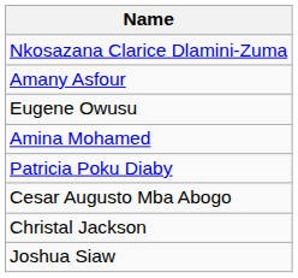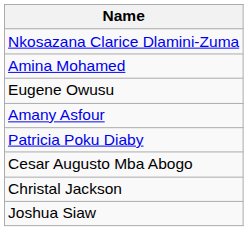 <table class="wikitable">
 <tr>
 <th>Name</th>
 </tr>
 <tr>
 <td><a href='#'>Nkosazana Clarice Dlamini-Zuma</a></td>
 </tr>
 <tr>
-<td><a href='#'>Amany Asfour</a></td>
+<td><a href='#'>Amina Mohamed</a></td>
 </tr>
 <tr>
 <td>Eugene Owusu </td>
 </tr>
 <tr>
-<td><a href='#'>Amina Mohamed</a></td>
+<td><a href='#'>Amany Asfour</a></td>
 </tr>
 <tr>
 <td><a href='#'>Patricia Poku Diaby</a></td>
 </tr>
 <tr>
 <td>Cesar Augusto Mba Abogo </td>
 </tr>
 <tr>
 <td>Christal Jackson </td>
 </tr>
 <tr>
 <td>Joshua Siaw </td>
 </tr>
 </table>
